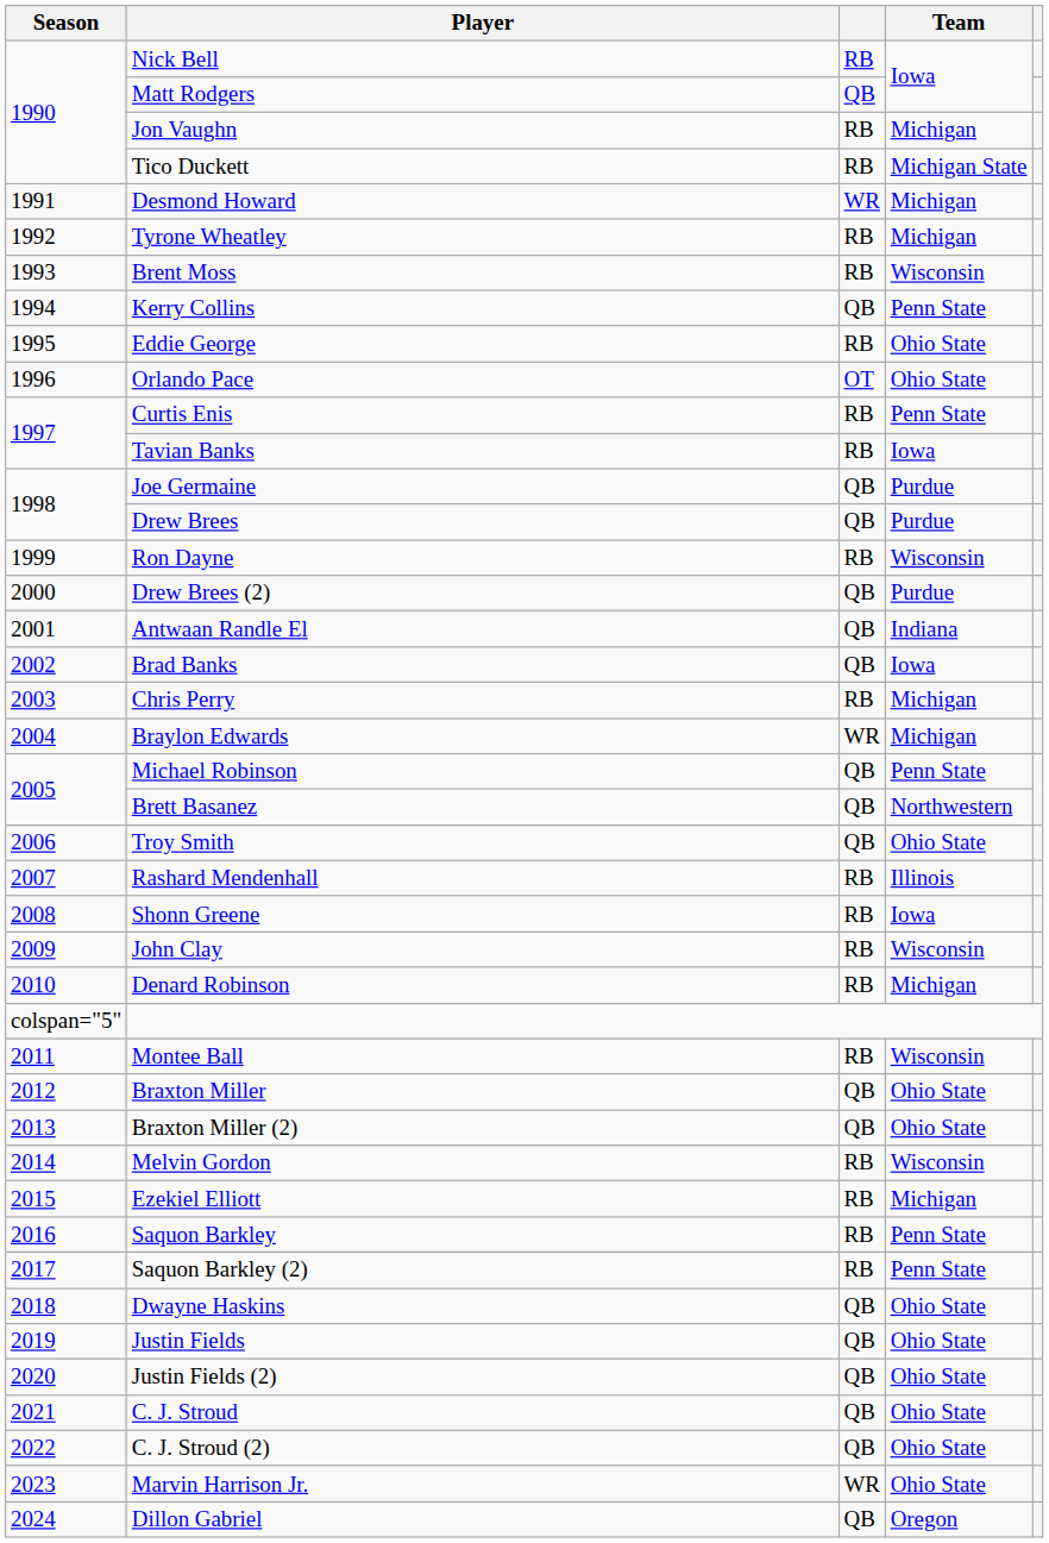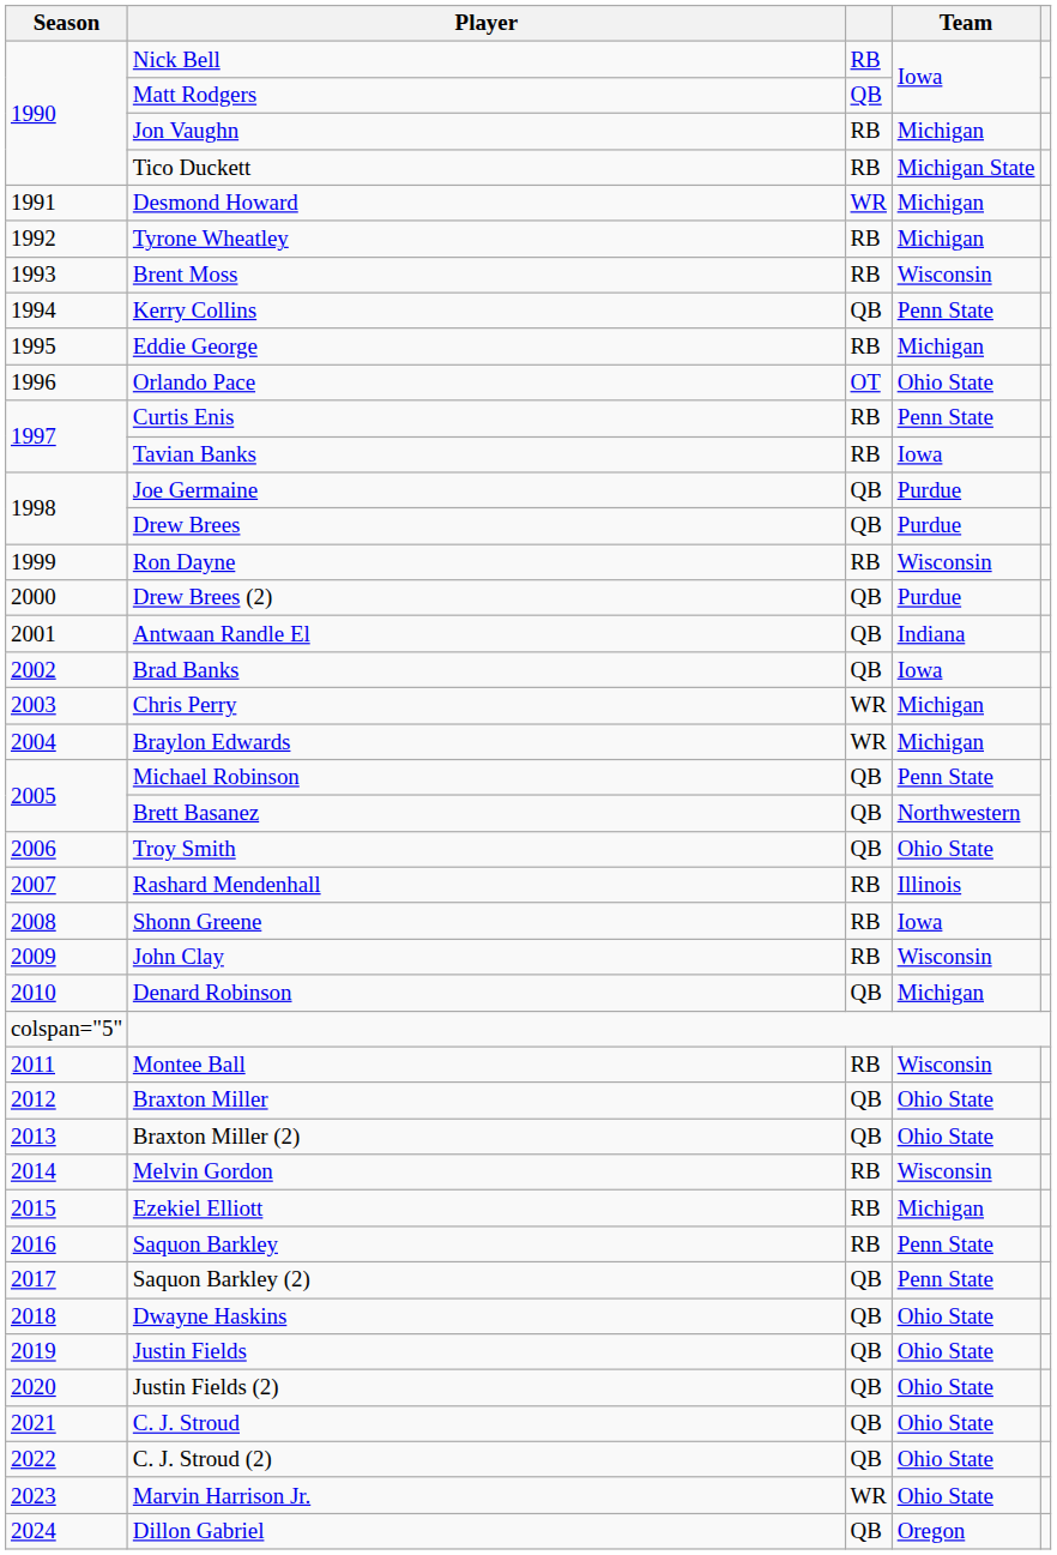 <table class="wikitable sortable">
 <tr>
 <th>Season</th>
 <th width=500px>Player</th>
 <th></th>
 <th>Team</th>
 <th></th>
 </tr>
 <tr>
 <td rowspan="4"><a href='#'>1990</a></td>
 <td><a href='#'>Nick Bell</a></td>
 <td><a href='#'>RB</a></td>
 <td rowspan="2"><a href='#'>Iowa</a></td>
 <td></td>
 </tr>
 <tr>
 <td><a href='#'>Matt Rodgers</a></td>
 <td><a href='#'>QB</a></td>
 <td></td>
 </tr>
 <tr>
 <td><a href='#'>Jon Vaughn</a></td>
 <td>RB</td>
 <td><a href='#'>Michigan</a></td>
 <td></td>
 </tr>
 <tr>
 <td>Tico Duckett</td>
 <td>RB</td>
 <td><a href='#'>Michigan State</a></td>
 <td></td>
 </tr>
 <tr>
 <td>1991</td>
 <td><a href='#'>Desmond Howard</a></td>
 <td><a href='#'>WR</a></td>
 <td><a href='#'>Michigan</a></td>
 <td></td>
 </tr>
 <tr>
 <td>1992</td>
 <td><a href='#'>Tyrone Wheatley</a></td>
 <td>RB</td>
 <td><a href='#'>Michigan</a></td>
 <td></td>
 </tr>
 <tr>
 <td>1993</td>
 <td><a href='#'>Brent Moss</a></td>
 <td>RB</td>
 <td><a href='#'>Wisconsin</a></td>
 <td></td>
 </tr>
 <tr>
 <td>1994</td>
 <td><a href='#'>Kerry Collins</a></td>
 <td>QB</td>
 <td><a href='#'>Penn State</a></td>
 <td></td>
 </tr>
 <tr>
 <td>1995</td>
 <td><a href='#'>Eddie George</a></td>
 <td>RB</td>
-<td><a href='#'>Ohio State</a></td>
+<td><a href='#'>Michigan</a></td>
 <td></td>
 </tr>
 <tr>
 <td>1996</td>
 <td><a href='#'>Orlando Pace</a></td>
 <td><a href='#'>OT</a></td>
 <td><a href='#'>Ohio State</a></td>
 <td></td>
 </tr>
 <tr>
 <td rowspan="2"><a href='#'>1997</a></td>
 <td><a href='#'>Curtis Enis</a></td>
 <td>RB</td>
 <td><a href='#'>Penn State</a></td>
 <td></td>
 </tr>
 <tr>
 <td><a href='#'>Tavian Banks</a></td>
 <td>RB</td>
 <td><a href='#'>Iowa</a></td>
 <td></td>
 </tr>
 <tr>
 <td rowspan="2">1998</td>
 <td><a href='#'>Joe Germaine</a></td>
 <td>QB</td>
 <td><a href='#'>Purdue</a></td>
 <td></td>
 </tr>
 <tr>
 <td><a href='#'>Drew Brees</a></td>
 <td>QB</td>
 <td><a href='#'>Purdue</a></td>
 <td></td>
 </tr>
 <tr>
 <td>1999</td>
 <td><a href='#'>Ron Dayne</a></td>
 <td>RB</td>
 <td><a href='#'>Wisconsin</a></td>
 <td></td>
 </tr>
 <tr>
 <td>2000</td>
 <td><a href='#'>Drew Brees</a> (2)</td>
 <td>QB</td>
 <td><a href='#'>Purdue</a></td>
 <td></td>
 </tr>
 <tr>
 <td>2001</td>
 <td><a href='#'>Antwaan Randle El</a></td>
 <td>QB</td>
 <td><a href='#'>Indiana</a></td>
 <td></td>
 </tr>
 <tr>
 <td><a href='#'>2002</a></td>
 <td><a href='#'>Brad Banks</a></td>
 <td>QB</td>
 <td><a href='#'>Iowa</a></td>
 <td></td>
 </tr>
 <tr>
 <td><a href='#'>2003</a></td>
 <td><a href='#'>Chris Perry</a></td>
-<td>RB</td>
+<td>WR</td>
 <td><a href='#'>Michigan</a></td>
 <td></td>
 </tr>
 <tr>
 <td><a href='#'>2004</a></td>
 <td><a href='#'>Braylon Edwards</a></td>
 <td>WR</td>
 <td><a href='#'>Michigan</a></td>
 <td></td>
 </tr>
 <tr>
 <td rowspan="2"><a href='#'>2005</a></td>
 <td><a href='#'>Michael Robinson</a></td>
 <td>QB</td>
 <td><a href='#'>Penn State</a></td>
 <td rowspan="2"></td>
 </tr>
 <tr>
 <td><a href='#'>Brett Basanez</a></td>
 <td>QB</td>
 <td><a href='#'>Northwestern</a></td>
 </tr>
 <tr>
 <td><a href='#'>2006</a></td>
 <td><a href='#'>Troy Smith</a></td>
 <td>QB</td>
 <td><a href='#'>Ohio State</a></td>
 <td></td>
 </tr>
 <tr>
 <td><a href='#'>2007</a></td>
 <td><a href='#'>Rashard Mendenhall</a></td>
 <td>RB</td>
 <td><a href='#'>Illinois</a></td>
 <td></td>
 </tr>
 <tr>
 <td><a href='#'>2008</a></td>
 <td><a href='#'>Shonn Greene</a></td>
 <td>RB</td>
 <td><a href='#'>Iowa</a></td>
 <td></td>
 </tr>
 <tr>
 <td><a href='#'>2009</a></td>
 <td><a href='#'>John Clay</a></td>
 <td>RB</td>
 <td><a href='#'>Wisconsin</a></td>
 <td></td>
 </tr>
 <tr>
 <td><a href='#'>2010</a></td>
 <td><a href='#'>Denard Robinson</a></td>
-<td>RB</td>
+<td>QB</td>
 <td><a href='#'>Michigan</a></td>
 <td></td>
 </tr>
 <tr>
 <td>colspan="5" </td>
 </tr>
 <tr>
 <td><a href='#'>2011</a></td>
 <td><a href='#'>Montee Ball</a></td>
 <td>RB</td>
 <td><a href='#'>Wisconsin</a></td>
 <td></td>
 </tr>
 <tr>
 <td><a href='#'>2012</a></td>
 <td><a href='#'>Braxton Miller</a></td>
 <td>QB</td>
 <td><a href='#'>Ohio State</a></td>
 <td></td>
 </tr>
 <tr>
 <td><a href='#'>2013</a></td>
 <td>Braxton Miller (2)</td>
 <td>QB</td>
 <td><a href='#'>Ohio State</a></td>
 <td></td>
 </tr>
 <tr>
 <td><a href='#'>2014</a></td>
 <td><a href='#'>Melvin Gordon</a></td>
 <td>RB</td>
 <td><a href='#'>Wisconsin</a></td>
 <td></td>
 </tr>
 <tr>
 <td><a href='#'>2015</a></td>
 <td><a href='#'>Ezekiel Elliott</a></td>
 <td>RB</td>
 <td><a href='#'>Michigan</a></td>
 <td></td>
 </tr>
 <tr>
 <td><a href='#'>2016</a></td>
 <td><a href='#'>Saquon Barkley</a></td>
 <td>RB</td>
 <td><a href='#'>Penn State</a></td>
 <td></td>
 </tr>
 <tr>
 <td><a href='#'>2017</a></td>
 <td>Saquon Barkley (2)</td>
-<td>RB</td>
+<td>QB</td>
 <td><a href='#'>Penn State</a></td>
 <td></td>
 </tr>
 <tr>
 <td><a href='#'>2018</a></td>
 <td><a href='#'>Dwayne Haskins</a></td>
 <td>QB</td>
 <td><a href='#'>Ohio State</a></td>
 <td></td>
 </tr>
 <tr>
 <td><a href='#'>2019</a></td>
 <td><a href='#'>Justin Fields</a></td>
 <td>QB</td>
 <td><a href='#'>Ohio State</a></td>
 <td></td>
 </tr>
 <tr>
 <td><a href='#'>2020</a></td>
 <td>Justin Fields (2)</td>
 <td>QB</td>
 <td><a href='#'>Ohio State</a></td>
 <td></td>
 </tr>
 <tr>
 <td><a href='#'>2021</a></td>
 <td><a href='#'>C. J. Stroud</a></td>
 <td>QB</td>
 <td><a href='#'>Ohio State</a></td>
 <td></td>
 </tr>
 <tr>
 <td><a href='#'>2022</a></td>
 <td>C. J. Stroud (2)</td>
 <td>QB</td>
 <td><a href='#'>Ohio State</a></td>
 <td></td>
 </tr>
 <tr>
 <td><a href='#'>2023</a></td>
 <td><a href='#'>Marvin Harrison Jr.</a></td>
 <td>WR</td>
 <td><a href='#'>Ohio State</a></td>
 <td></td>
 </tr>
 <tr>
 <td><a href='#'>2024</a></td>
 <td><a href='#'>Dillon Gabriel</a></td>
 <td>QB</td>
 <td><a href='#'>Oregon</a></td>
 <td></td>
 </tr>
 </table>
